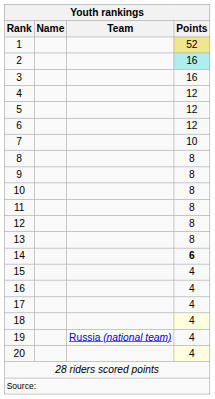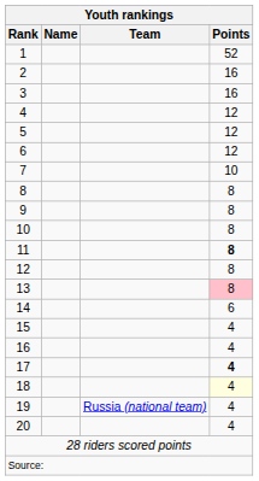 <table class="wikitable">
 <tr style="background:#ccf;">
 <th colspan=4>Youth rankings</th>
 </tr>
 <tr>
 <th>Rank</th>
 <th>Name</th>
 <th>Team</th>
 <th>Points</th>
 </tr>
 <tr>
 <td align=center>1</td>
 <td> </td>
 <td></td>
-<td align=center style="background: khaki;">52</td>
+<td align=center>52</td>
 </tr>
 <tr>
 <td align=center>2</td>
 <td></td>
 <td></td>
-<td align=center style="background: paleturquoise;">16</td>
+<td align=center>16</td>
 </tr>
 <tr>
 <td align=center>3</td>
 <td></td>
 <td></td>
 <td align=center>16</td>
 </tr>
 <tr>
 <td align=center>4</td>
 <td></td>
 <td></td>
 <td align=center>12</td>
 </tr>
 <tr>
 <td align=center>5</td>
 <td></td>
 <td></td>
 <td align=center>12</td>
 </tr>
 <tr>
 <td align=center>6</td>
 <td></td>
 <td></td>
 <td align=center>12</td>
 </tr>
 <tr>
 <td align=center>7</td>
 <td></td>
 <td></td>
 <td align=center>10</td>
 </tr>
 <tr>
 <td align=center>8</td>
 <td></td>
 <td></td>
 <td align=center>8</td>
 </tr>
 <tr>
 <td align=center>9</td>
 <td></td>
 <td></td>
 <td align=center>8</td>
 </tr>
 <tr>
 <td align=center>10</td>
 <td></td>
 <td></td>
 <td align=center>8</td>
 </tr>
 <tr>
 <td align=center>11</td>
 <td></td>
 <td></td>
-<td align=center>8</td>
+<td align=center><strong>8</strong></td>
 </tr>
 <tr>
 <td align=center>12</td>
 <td></td>
 <td></td>
 <td align=center>8</td>
 </tr>
 <tr>
 <td align=center>13</td>
 <td></td>
 <td></td>
-<td align=center>8</td>
+<td align=center style="background: pink;">8</td>
 </tr>
 <tr>
 <td align=center>14</td>
 <td></td>
 <td></td>
-<td align=center><strong>6</strong></td>
+<td align=center>6</td>
 </tr>
 <tr>
 <td align=center>15</td>
 <td></td>
 <td></td>
 <td align=center>4</td>
 </tr>
 <tr>
 <td align=center>16</td>
 <td></td>
 <td></td>
 <td align=center>4</td>
 </tr>
 <tr>
 <td align=center>17</td>
 <td></td>
 <td></td>
-<td align=center>4</td>
+<td align=center><strong>4</strong></td>
 </tr>
 <tr>
 <td align=center>18</td>
 <td></td>
 <td></td>
 <td align=center style="background: lightyellow;">4</td>
 </tr>
 <tr>
 <td align=center>19</td>
 <td></td>
 <td><a href='#'>Russia <em>(national team)</em></a></td>
 <td align=center>4</td>
 </tr>
 <tr>
 <td align=center>20</td>
 <td></td>
 <td></td>
-<td align=center style="background: lightyellow;">4</td>
+<td align=center>4</td>
 </tr>
 <tr>
 <td align=center colspan=4><em>28 riders scored points</em></td>
 </tr>
 <tr>
 <td colspan=4><small>Source:</small></td>
 </tr>
 </table>
